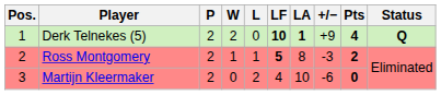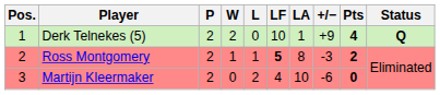 <table class="wikitable" style="text-align:center; margin: 1em auto 1em auto, align:left">
 <tr>
 <th width=20>Pos.</th>
 <th width=185>Player</th>
 <th width=20>P</th>
 <th width=20>W</th>
 <th width=20>L</th>
 <th width=20>LF</th>
 <th width=20>LA</th>
 <th width=25>+/−</th>
 <th width=20>Pts</th>
 <th width=70>Status</th>
 </tr>
 <tr style="background:#D0F0C0;">
 <td>1</td>
 <td align=left> Derk Telnekes (5)</td>
 <td>2</td>
 <td>2</td>
 <td>0</td>
-<td><strong>10</strong></td>
-<td><strong>1</strong></td>
+<td>10</td>
+<td>1</td>
 <td>+9</td>
 <td><strong>4</strong></td>
 <td rowspan=1><strong>Q</strong></td>
 </tr>
 <tr style="background:#FF8888;">
 <td>2</td>
 <td align=left> <a href='#'>Ross Montgomery</a></td>
 <td>2</td>
 <td>1</td>
 <td>1</td>
 <td><strong>5</strong></td>
 <td>8</td>
 <td>-3</td>
 <td><strong>2</strong></td>
 <td rowspan=2>Eliminated</td>
 </tr>
 <tr style="background:#FF8888;">
 <td>3</td>
 <td align=left> <a href='#'>Martijn Kleermaker</a></td>
 <td>2</td>
 <td>0</td>
 <td>2</td>
 <td>4</td>
 <td>10</td>
 <td>-6</td>
 <td><strong>0</strong></td>
 </tr>
 </table>
